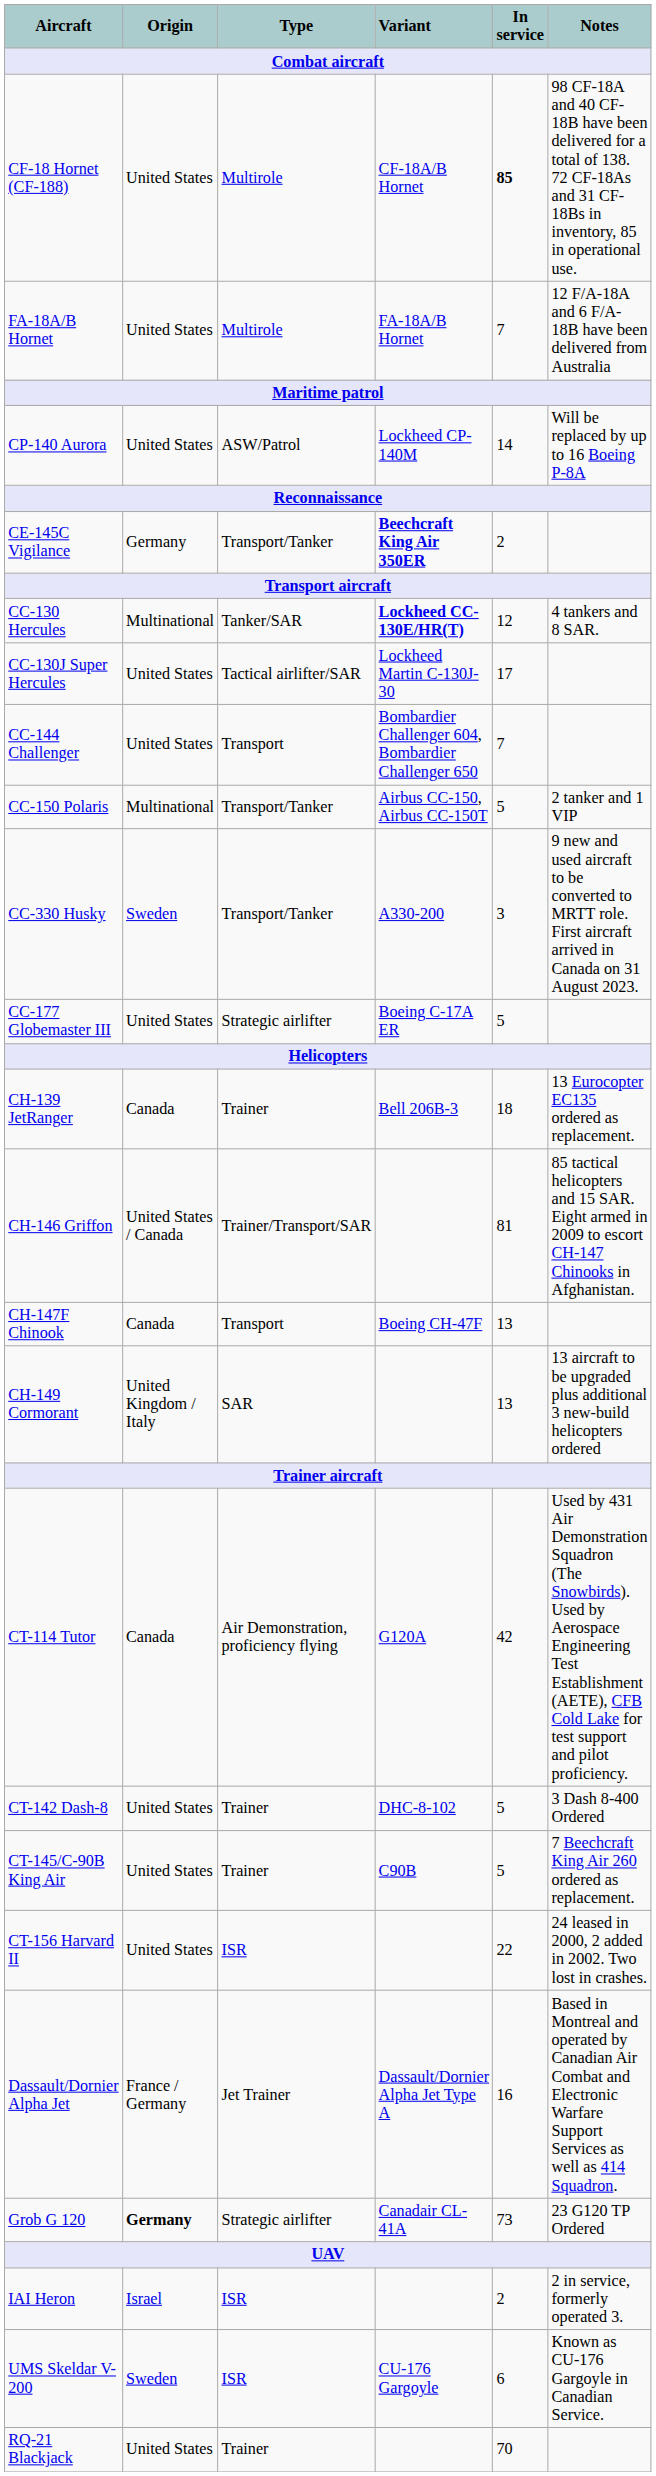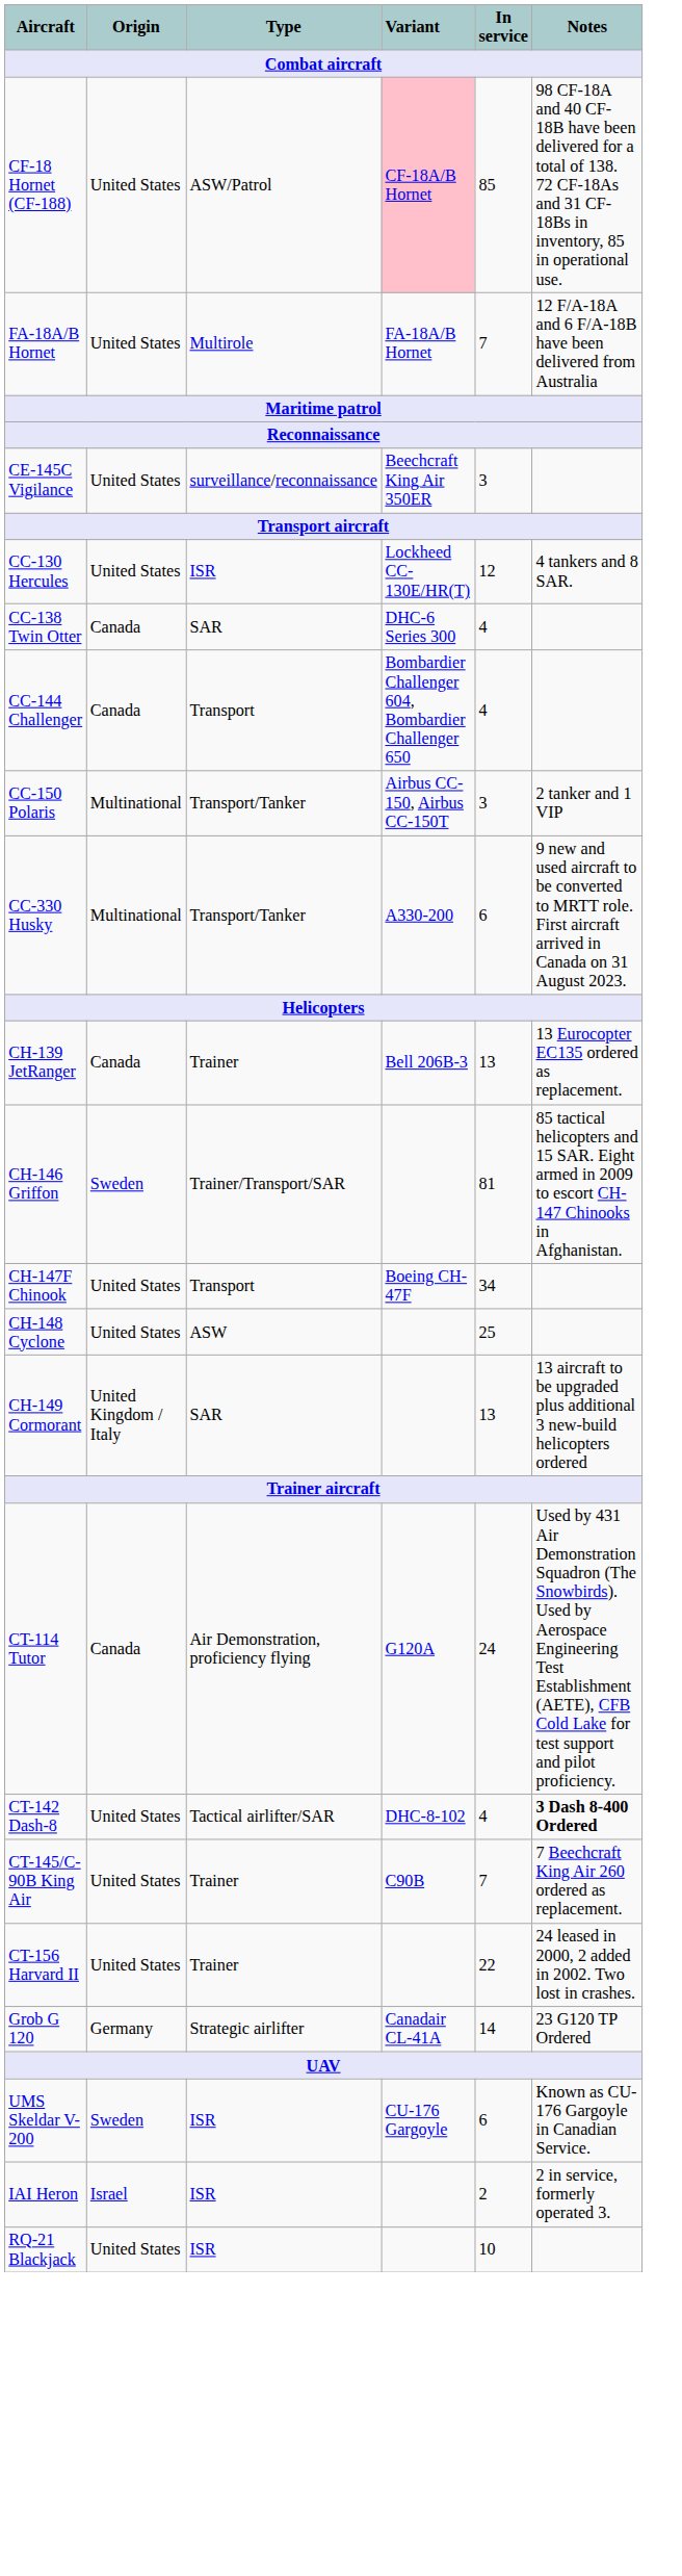 <table class="wikitable">
 <tr>
 <th style="text-align:center; background:#acc;">Aircraft</th>
 <th style="text-align: center; background:#acc;">Origin</th>
 <th style="text-align:l center; background:#acc;">Type</th>
 <th style="text-align:left; background:#acc;">Variant</th>
 <th style="text-align:center; background:#acc;">In service</th>
 <th style="text-align: center; background:#acc;">Notes</th>
 </tr>
 <tr>
 <th colspan="6" style="align: center; background: lavender;"><a href='#'>Combat aircraft</a></th>
 </tr>
 <tr>
 <td><a href='#'>CF-18 Hornet (CF-188)</a></td>
 <td>United States</td>
-<td><a href='#'>Multirole</a></td>
-<td><a href='#'>CF-18A/B Hornet</a></td>
-<td><strong>85</strong></td>
+<td>ASW/Patrol</td>
+<td style="background: pink;"><a href='#'>CF-18A/B Hornet</a></td>
+<td>85</td>
 <td>98 CF-18A and 40 CF-18B have been delivered for a total of 138. 72 CF-18As and 31 CF-18Bs in inventory, 85 in operational use.</td>
 </tr>
 <tr>
 <td><a href='#'>FA-18A/B Hornet</a></td>
 <td>United States</td>
 <td><a href='#'>Multirole</a></td>
 <td><a href='#'>FA-18A/B Hornet</a></td>
 <td>7</td>
 <td>12 F/A-18A and 6 F/A-18B have been delivered from Australia</td>
 </tr>
 <tr>
 <th colspan="6" style="align: center; background: lavender;"><a href='#'>Maritime patrol</a></th>
 </tr>
 <tr>
-<td><a href='#'>CP-140 Aurora</a></td>
-<td>United States</td>
-<td>ASW/Patrol</td>
-<td><a href='#'>Lockheed CP-140M</a></td>
-<td>14</td>
-<td>Will be replaced by up to 16 <a href='#'>Boeing P-8A</a></td>
-</tr>
-<tr>
 <th colspan="6" style="align: center; background: lavender;"><a href='#'>Reconnaissance</a></th>
 </tr>
 <tr>
 <td><a href='#'>CE-145C Vigilance</a></td>
-<td>Germany</td>
-<td>Transport/Tanker</td>
-<td><strong><a href='#'>Beechcraft King Air 350ER</a></strong></td>
-<td>2</td>
+<td>United States</td>
+<td><a href='#'>surveillance</a>/<a href='#'>reconnaissance</a></td>
+<td><a href='#'>Beechcraft King Air 350ER</a></td>
+<td>3</td>
 <td></td>
 </tr>
 <tr>
 <th colspan="6" style="align: center; background: lavender;"><a href='#'>Transport aircraft</a></th>
 </tr>
 <tr>
 <td><a href='#'>CC-130 Hercules</a></td>
-<td>Multinational</td>
-<td>Tanker/SAR</td>
-<td><strong><a href='#'>Lockheed CC-130E/HR(T)</a></strong></td>
+<td>United States</td>
+<td><a href='#'>ISR</a></td>
+<td><a href='#'>Lockheed CC-130E/HR(T)</a></td>
 <td>12</td>
 <td>4 tankers and 8 SAR.</td>
 </tr>
 <tr>
-<td><a href='#'>CC-130J Super Hercules</a></td>
-<td>United States</td>
-<td>Tactical airlifter/SAR</td>
-<td><a href='#'>Lockheed Martin C-130J-30</a></td>
-<td>17</td>
+<td><a href='#'>CC-138 Twin Otter</a></td>
+<td>Canada</td>
+<td>SAR</td>
+<td><a href='#'>DHC-6 Series 300</a></td>
+<td>4</td>
 <td></td>
 </tr>
 <tr>
 <td><a href='#'>CC-144 Challenger</a></td>
-<td>United States</td>
+<td>Canada</td>
 <td>Transport</td>
 <td><a href='#'>Bombardier Challenger 604</a>, <a href='#'>Bombardier Challenger 650</a></td>
-<td>7</td>
+<td>4</td>
 <td></td>
 </tr>
 <tr>
 <td><a href='#'>CC-150 Polaris</a></td>
 <td>Multinational</td>
 <td>Transport/Tanker</td>
 <td><a href='#'>Airbus CC-150</a>, <a href='#'>Airbus CC-150T</a></td>
-<td>5</td>
+<td>3</td>
 <td>2 tanker and 1 VIP</td>
 </tr>
 <tr>
 <td><a href='#'>CC-330 Husky</a></td>
-<td><a href='#'>Sweden</a></td>
+<td>Multinational</td>
 <td>Transport/Tanker</td>
 <td><a href='#'>A330-200</a></td>
-<td>3</td>
+<td>6</td>
 <td>9 new and used aircraft to be converted to MRTT role. First aircraft arrived in Canada on 31 August 2023.</td>
-</tr>
-<tr>
-<td><a href='#'>CC-177 Globemaster III</a></td>
-<td>United States</td>
-<td>Strategic airlifter</td>
-<td><a href='#'>Boeing C-17A ER</a></td>
-<td>5</td>
-<td></td>
 </tr>
 <tr>
 <th colspan="6" style="align: center; background: lavender;"><a href='#'>Helicopters</a></th>
 </tr>
 <tr>
 <td><a href='#'>CH-139 JetRanger</a></td>
 <td>Canada</td>
 <td>Trainer</td>
 <td><a href='#'>Bell 206B-3</a></td>
-<td>18</td>
+<td>13</td>
 <td>13 <a href='#'>Eurocopter EC135</a> ordered as replacement.</td>
 </tr>
 <tr>
 <td><a href='#'>CH-146 Griffon</a></td>
-<td>United States / Canada</td>
+<td><a href='#'>Sweden</a></td>
 <td>Trainer/Transport/SAR</td>
 <td></td>
 <td>81</td>
 <td>85 tactical helicopters and 15 SAR. Eight armed in 2009 to escort <a href='#'>CH-147 Chinooks</a> in Afghanistan.</td>
 </tr>
 <tr>
 <td><a href='#'>CH-147F Chinook</a></td>
-<td>Canada</td>
+<td>United States</td>
 <td>Transport</td>
 <td><a href='#'>Boeing CH-47F</a></td>
-<td>13</td>
+<td>34</td>
+<td></td>
+</tr>
+<tr>
+<td><a href='#'>CH-148 Cyclone</a></td>
+<td>United States</td>
+<td>ASW</td>
+<td></td>
+<td>25</td>
 <td></td>
 </tr>
 <tr>
 <td><a href='#'>CH-149 Cormorant</a></td>
 <td>United Kingdom / Italy</td>
 <td>SAR</td>
 <td></td>
 <td>13</td>
 <td>13 aircraft to be upgraded plus additional 3 new-build helicopters ordered</td>
 </tr>
 <tr>
 <th colspan="6" style="align: center; background: lavender;"><a href='#'>Trainer aircraft</a></th>
 </tr>
 <tr>
 <td><a href='#'>CT-114 Tutor</a></td>
 <td>Canada</td>
 <td>Air Demonstration, proficiency flying</td>
 <td><a href='#'>G120A</a></td>
-<td>42</td>
+<td>24</td>
 <td>Used by 431 Air Demonstration Squadron (The <a href='#'>Snowbirds</a>).<br>Used by Aerospace Engineering Test Establishment (AETE), <a href='#'>CFB Cold Lake</a> for test support and pilot proficiency.</td>
 </tr>
 <tr>
 <td><a href='#'>CT-142 Dash-8</a></td>
 <td>United States</td>
-<td>Trainer</td>
+<td>Tactical airlifter/SAR</td>
 <td><a href='#'>DHC-8-102</a></td>
-<td>5</td>
-<td>3 Dash 8-400 Ordered</td>
+<td>4</td>
+<td><strong>3 Dash 8-400 Ordered</strong></td>
 </tr>
 <tr>
 <td><a href='#'>CT-145/C-90B King Air</a></td>
 <td>United States</td>
 <td>Trainer</td>
 <td><a href='#'>C90B</a></td>
-<td>5</td>
+<td>7</td>
 <td>7 <a href='#'>Beechcraft King Air 260</a> ordered as replacement.</td>
 </tr>
 <tr>
 <td><a href='#'>CT-156 Harvard II</a></td>
 <td>United States</td>
-<td><a href='#'>ISR</a></td>
+<td>Trainer</td>
 <td></td>
 <td>22</td>
 <td>24 leased in 2000, 2 added in 2002. Two lost in crashes.</td>
 </tr>
 <tr>
-<td><a href='#'>Dassault/Dornier Alpha Jet</a></td>
-<td>France / Germany</td>
-<td>Jet Trainer</td>
-<td><a href='#'>Dassault/Dornier Alpha Jet Type A</a></td>
-<td>16</td>
-<td>Based in Montreal and operated by Canadian Air Combat and Electronic Warfare Support Services as well as <a href='#'>414 Squadron</a>.</td>
-</tr>
-<tr>
 <td><a href='#'>Grob G 120</a></td>
-<td><strong>Germany</strong></td>
+<td>Germany</td>
 <td>Strategic airlifter</td>
 <td><a href='#'>Canadair CL-41A</a></td>
-<td>73</td>
+<td>14</td>
 <td>23 G120 TP Ordered</td>
 </tr>
 <tr>
 <th colspan="6" style="align: center; background: lavender;"><a href='#'>UAV</a></th>
+</tr>
+<tr>
+<td><a href='#'>UMS Skeldar V-200</a></td>
+<td><a href='#'>Sweden</a></td>
+<td><a href='#'>ISR</a></td>
+<td><a href='#'>CU-176 Gargoyle</a></td>
+<td>6</td>
+<td>Known as CU-176 Gargoyle in Canadian Service.</td>
 </tr>
 <tr>
 <td><a href='#'>IAI Heron</a></td>
 <td><a href='#'>Israel</a></td>
 <td><a href='#'>ISR</a></td>
 <td></td>
 <td>2</td>
 <td>2 in service, formerly operated 3.</td>
 </tr>
 <tr>
-<td><a href='#'>UMS Skeldar V-200</a></td>
-<td><a href='#'>Sweden</a></td>
-<td><a href='#'>ISR</a></td>
-<td><a href='#'>CU-176 Gargoyle</a></td>
-<td>6</td>
-<td>Known as CU-176 Gargoyle in Canadian Service.</td>
-</tr>
-<tr>
 <td><a href='#'>RQ-21 Blackjack</a></td>
 <td>United States</td>
-<td>Trainer</td>
+<td><a href='#'>ISR</a></td>
 <td></td>
-<td>70</td>
+<td>10</td>
 <td></td>
 </tr>
 </table>
